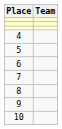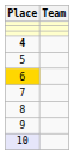 <table class="wikitable">
 <tr>
 <th>Place</th>
 <th>Team</th>
 </tr>
 <tr bgcolor=#ffffcc>
 <td align=center></td>
 <td></td>
 </tr>
 <tr bgcolor=#ffffcc>
 <td align=center></td>
 <td></td>
 </tr>
 <tr bgcolor=#ffffcc>
 <td align=center></td>
 <td></td>
 </tr>
 <tr>
-<td align=center>4</td>
+<td align=center><strong>4</strong></td>
 <td></td>
 </tr>
 <tr>
 <td align=center>5</td>
 <td></td>
 </tr>
 <tr>
-<td align=center>6</td>
+<td align=center style="background: gold;">6</td>
 <td></td>
 </tr>
 <tr>
 <td align=center>7</td>
 <td></td>
 </tr>
 <tr>
 <td align=center>8</td>
 <td></td>
 </tr>
 <tr>
 <td align=center>9</td>
 <td></td>
 </tr>
 <tr>
-<td align=center>10</td>
+<td align=center style="background: lavender;">10</td>
 <td></td>
 </tr>
 </table>
